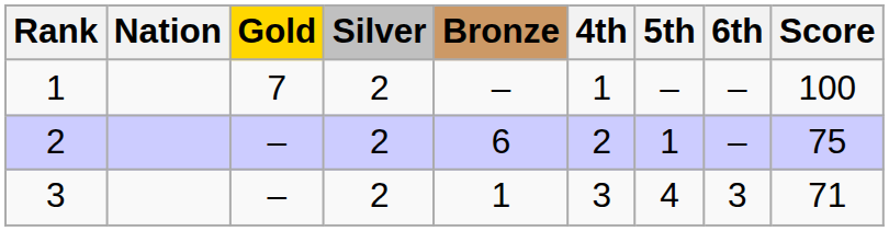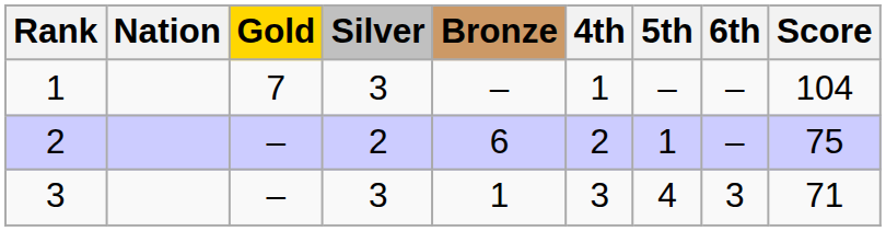 <table class="wikitable sortable" style="text-align:center">
 <tr>
 <th>Rank</th>
 <th>Nation</th>
 <td bgcolor="gold"><strong>Gold</strong></td>
 <td bgcolor="silver"><strong>Silver</strong></td>
 <td bgcolor=cc9966><strong>Bronze</strong></td>
 <th>4th</th>
 <th>5th</th>
 <th>6th</th>
 <th>Score</th>
 </tr>
 <tr>
 <td>1</td>
 <td align=left></td>
 <td>7</td>
-<td>2</td>
+<td>3</td>
 <td>–</td>
 <td>1</td>
 <td>–</td>
 <td>–</td>
-<td>100</td>
+<td>104</td>
 </tr>
 <tr style="background-color:#ccccff">
 <td>2</td>
 <td align=left></td>
 <td>–</td>
 <td>2</td>
 <td>6</td>
 <td>2</td>
 <td>1</td>
 <td>–</td>
 <td>75</td>
 </tr>
 <tr>
 <td>3</td>
 <td align=left></td>
 <td>–</td>
-<td>2</td>
+<td>3</td>
 <td>1</td>
 <td>3</td>
 <td>4</td>
 <td>3</td>
 <td>71</td>
 </tr>
 </table>
